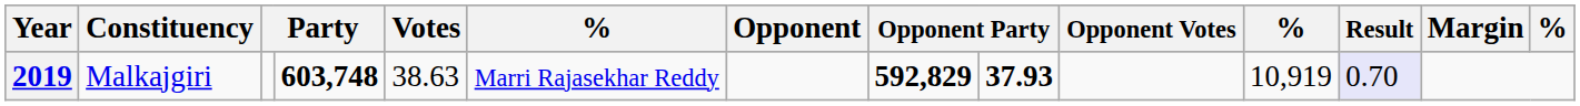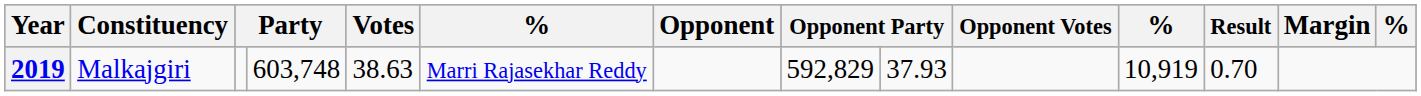 <table class="sortable wikitable">
 <tr>
 <th>Year</th>
 <th>Constituency</th>
 <th colspan="2">Party</th>
 <th>Votes</th>
 <th>%</th>
 <th>Opponent</th>
 <th colspan="2"><small>Opponent Party</small></th>
 <th><small>Opponent Votes</small></th>
 <th>%</th>
 <th><small>Result</small></th>
 <th>Margin</th>
 <th>%</th>
 </tr>
 <tr>
 <th><a href='#'>2019</a></th>
 <td><a href='#'>Malkajgiri</a></td>
 <td></td>
-<td><strong>603,748</strong></td>
+<td>603,748</td>
 <td>38.63</td>
 <td><small><a href='#'>Marri Rajasekhar Reddy</a></small></td>
 <td></td>
-<td><strong>592,829</strong></td>
-<td><strong>37.93</strong></td>
+<td>592,829</td>
+<td>37.93</td>
 <td></td>
 <td>10,919</td>
-<td style="background: lavender;">0.70</td>
+<td>0.70</td>
 </tr>
 </table>
